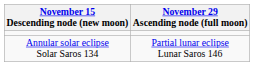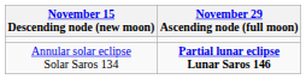 <table class="wikitable">
 <tr>
 <th><a href='#'>November 15</a><br>Descending node (new moon)<br></th>
 <th><a href='#'>November 29</a><br>Ascending node (full moon)<br></th>
 </tr>
 <tr>
 <td></td>
 <td></td>
 </tr>
 <tr align=center>
 <td><a href='#'>Annular solar eclipse</a><br>Solar Saros 134</td>
-<td><a href='#'>Partial lunar eclipse</a><br>Lunar Saros 146</td>
+<td><strong><a href='#'>Partial lunar eclipse</a><br>Lunar Saros 146</strong></td>
 </tr>
 </table>
